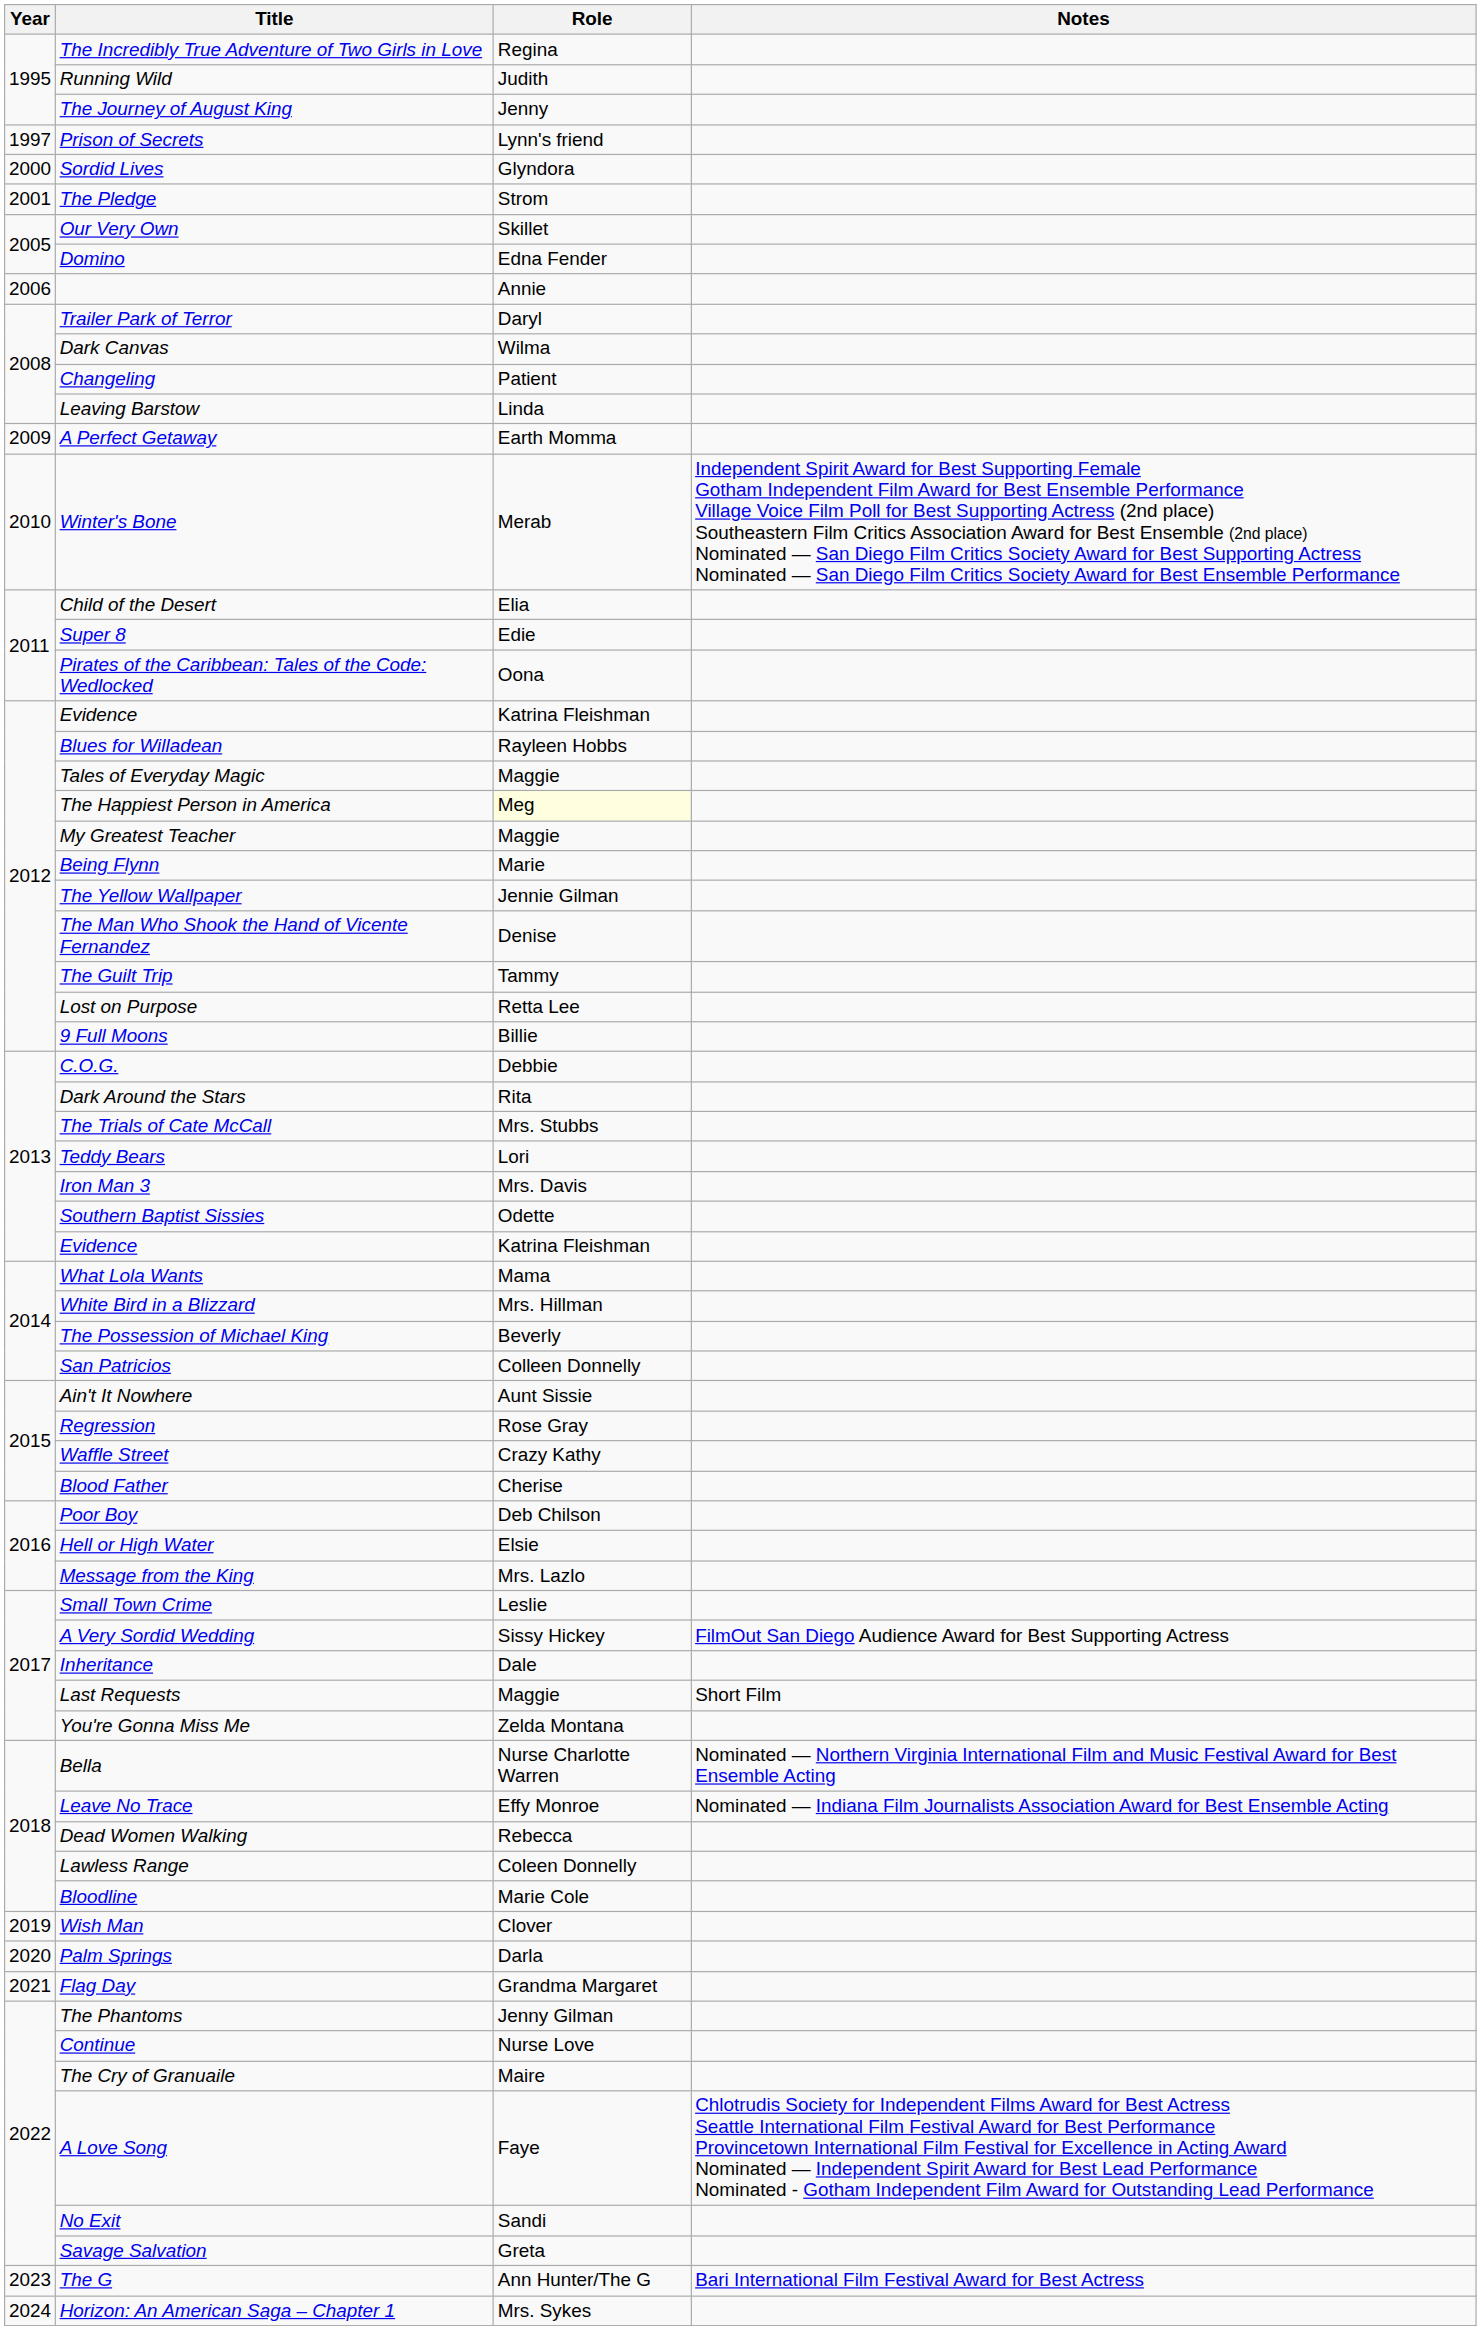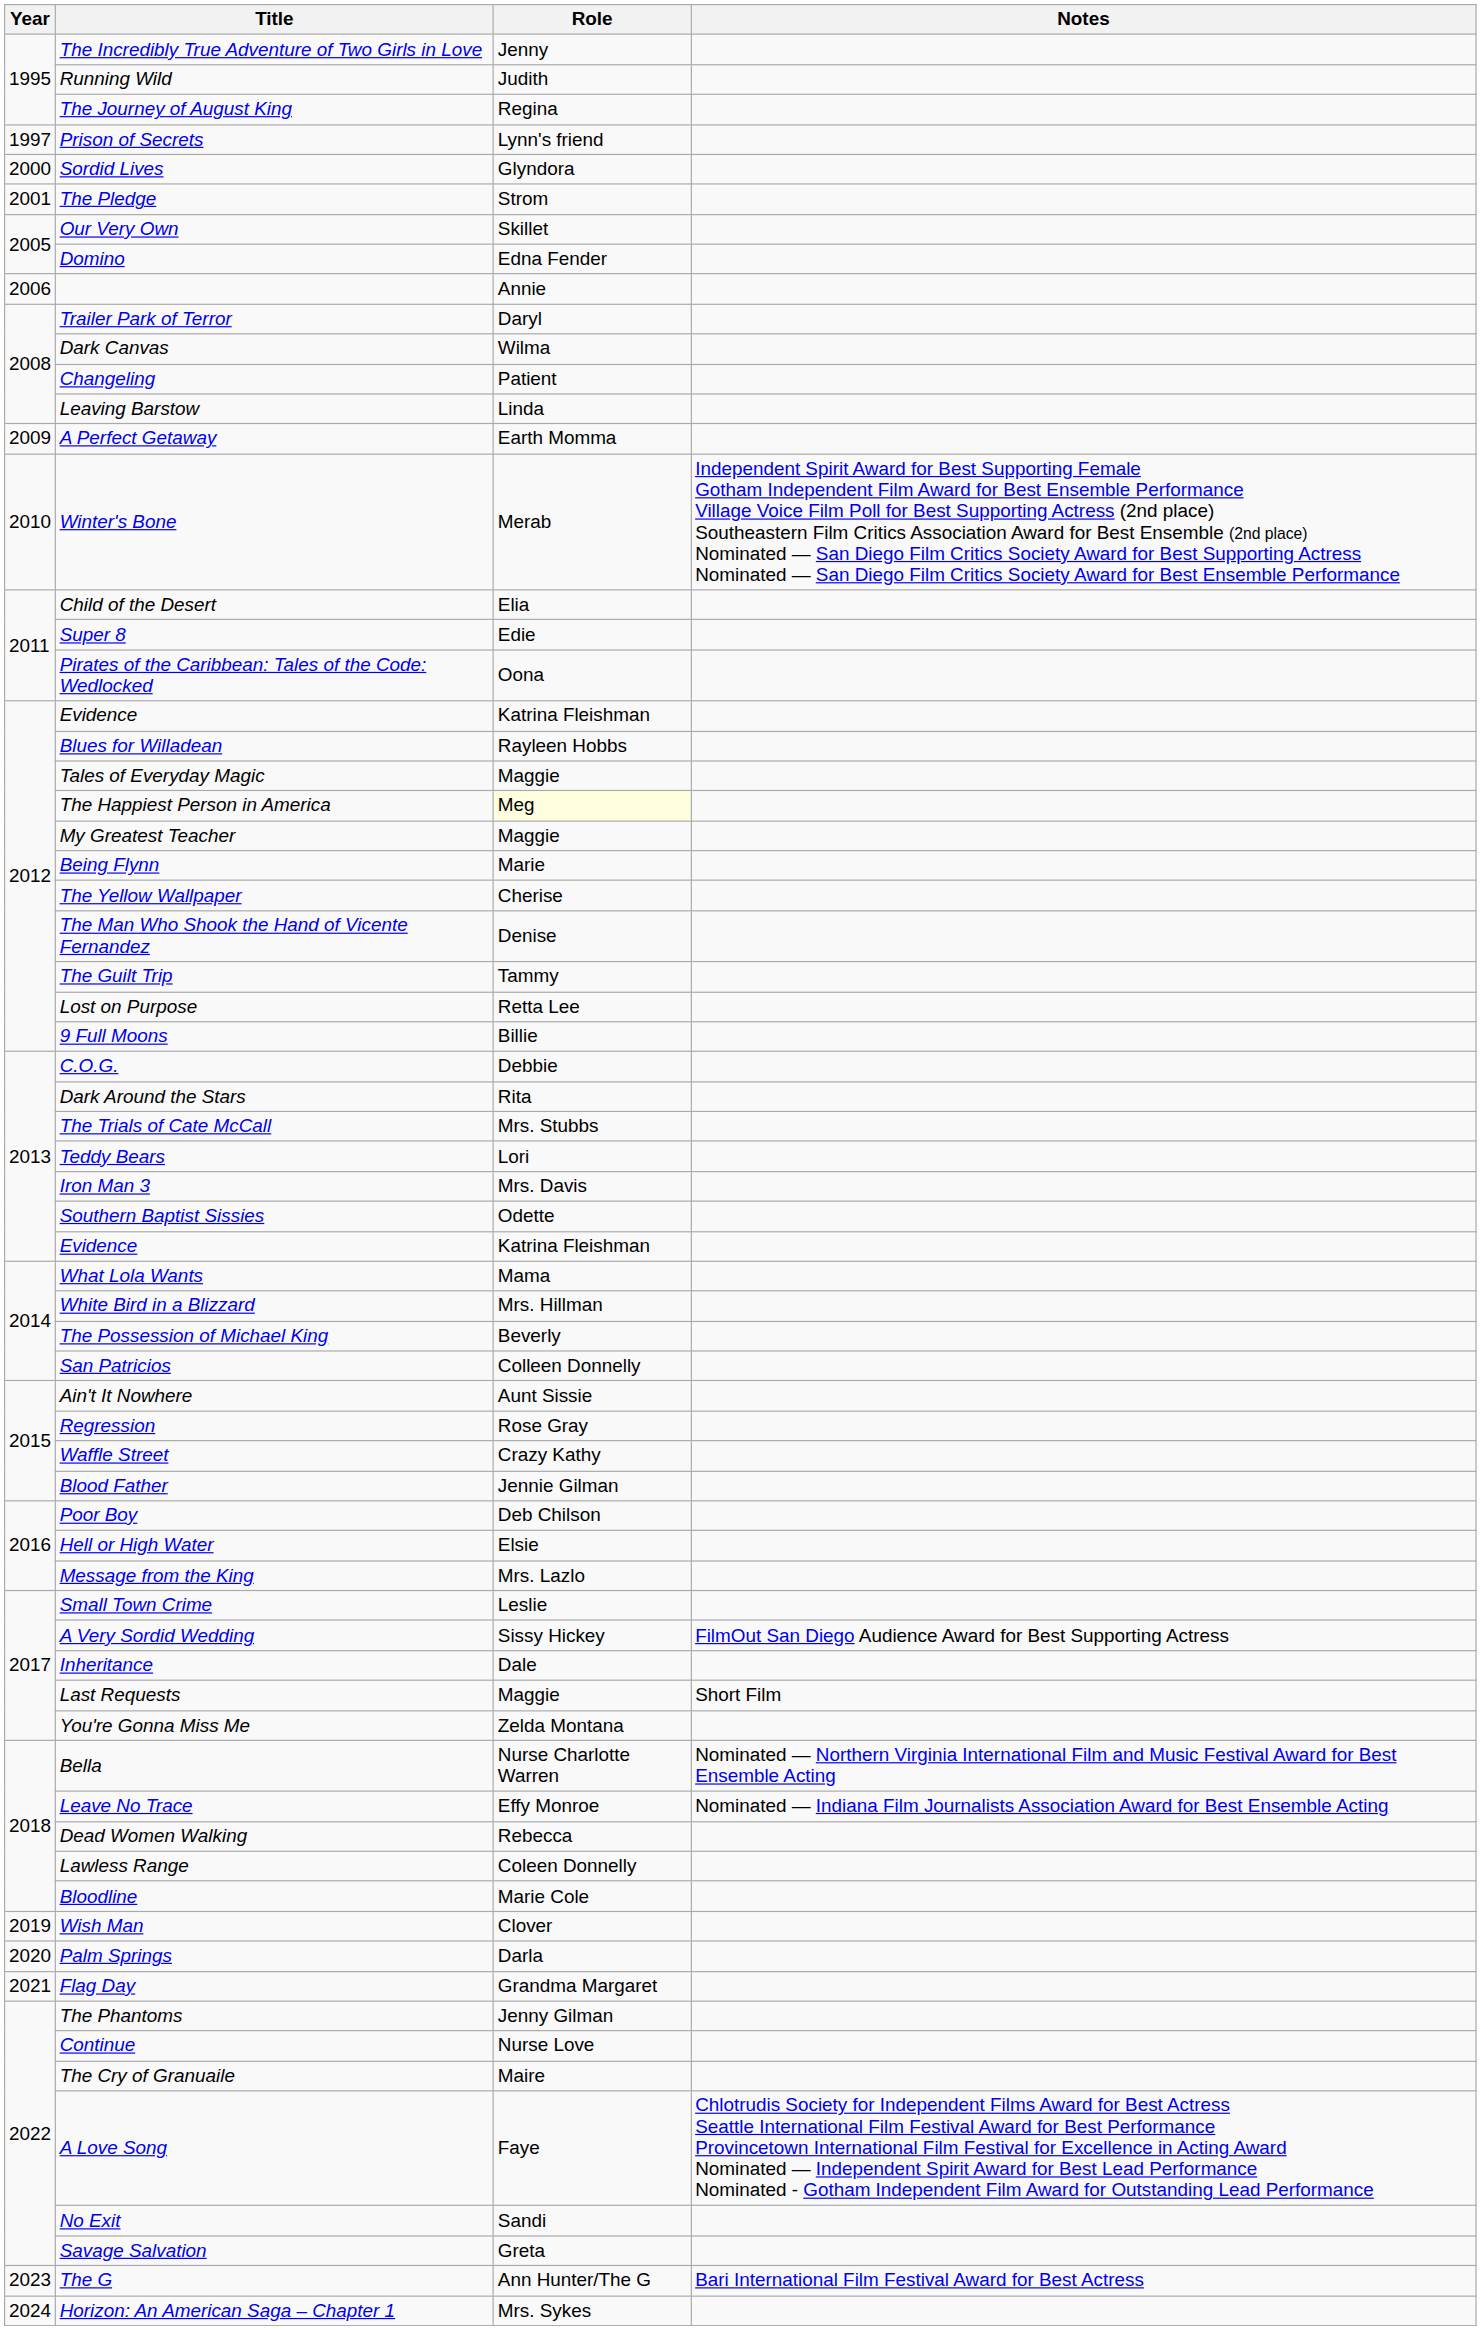 <table class="wikitable sortable plainrowheaders">
 <tr>
 <th scope="col">Year</th>
 <th scope="col">Title</th>
 <th scope="col">Role</th>
 <th scope="col" class="unsortable">Notes</th>
 </tr>
 <tr>
 <td rowspan="3">1995</td>
 <td><em><a href='#'>The Incredibly True Adventure of Two Girls in Love</a></em></td>
-<td>Regina</td>
+<td>Jenny</td>
 <td></td>
 </tr>
 <tr>
 <td><em>Running Wild</em></td>
 <td>Judith</td>
 <td></td>
 </tr>
 <tr>
 <td><em><a href='#'>The Journey of August King</a></em></td>
-<td>Jenny</td>
+<td>Regina</td>
 <td></td>
 </tr>
 <tr>
 <td>1997</td>
 <td><em><a href='#'>Prison of Secrets</a></em></td>
 <td>Lynn's friend</td>
 <td></td>
 </tr>
 <tr>
 <td>2000</td>
 <td><em><a href='#'>Sordid Lives</a></em></td>
 <td>Glyndora</td>
 <td></td>
 </tr>
 <tr>
 <td>2001</td>
 <td><em><a href='#'>The Pledge</a></em></td>
 <td>Strom</td>
 <td></td>
 </tr>
 <tr>
 <td rowspan="2">2005</td>
 <td><em><a href='#'>Our Very Own</a></em></td>
 <td>Skillet</td>
 <td></td>
 </tr>
 <tr>
 <td><em><a href='#'>Domino</a></em></td>
 <td>Edna Fender</td>
 <td></td>
 </tr>
 <tr>
 <td>2006</td>
 <td><em></em></td>
 <td>Annie</td>
 <td></td>
 </tr>
 <tr>
 <td rowspan="4">2008</td>
 <td><em><a href='#'>Trailer Park of Terror</a></em></td>
 <td>Daryl</td>
 <td></td>
 </tr>
 <tr>
 <td><em>Dark Canvas</em></td>
 <td>Wilma</td>
 <td></td>
 </tr>
 <tr>
 <td><em><a href='#'>Changeling</a></em></td>
 <td>Patient</td>
 <td></td>
 </tr>
 <tr>
 <td><em>Leaving Barstow</em></td>
 <td>Linda</td>
 <td></td>
 </tr>
 <tr>
 <td>2009</td>
 <td><em><a href='#'>A Perfect Getaway</a></em></td>
 <td>Earth Momma</td>
 <td></td>
 </tr>
 <tr>
 <td>2010</td>
 <td><em><a href='#'>Winter's Bone</a></em></td>
 <td>Merab</td>
 <td><a href='#'>Independent Spirit Award for Best Supporting Female</a><br><a href='#'>Gotham Independent Film Award for Best Ensemble Performance</a><br><a href='#'>Village Voice Film Poll for Best Supporting Actress</a> (2nd place)<br>Southeastern Film Critics Association Award for Best Ensemble <small>(2nd place)</small><br>Nominated — <a href='#'>San Diego Film Critics Society Award for Best Supporting Actress</a><br>Nominated — <a href='#'>San Diego Film Critics Society Award for Best Ensemble Performance</a></td>
 </tr>
 <tr>
 <td rowspan="3">2011</td>
 <td><em>Child of the Desert</em></td>
 <td>Elia</td>
 <td></td>
 </tr>
 <tr>
 <td><em><a href='#'>Super 8</a></em></td>
 <td>Edie</td>
 <td></td>
 </tr>
 <tr>
 <td><em><a href='#'>Pirates of the Caribbean: Tales of the Code: Wedlocked</a></em></td>
 <td>Oona</td>
 <td></td>
 </tr>
 <tr>
 <td rowspan="11">2012</td>
 <td><em>Evidence</em></td>
 <td>Katrina Fleishman</td>
 <td></td>
 </tr>
 <tr>
 <td><em><a href='#'>Blues for Willadean</a></em></td>
 <td>Rayleen Hobbs</td>
 <td></td>
 </tr>
 <tr>
 <td><em>Tales of Everyday Magic</em></td>
 <td>Maggie</td>
 <td></td>
 </tr>
 <tr>
 <td><em>The Happiest Person in America</em></td>
 <td style="background: lightyellow;">Meg</td>
 <td></td>
 </tr>
 <tr>
 <td><em>My Greatest Teacher</em></td>
 <td>Maggie</td>
 <td></td>
 </tr>
 <tr>
 <td><em><a href='#'>Being Flynn</a></em></td>
 <td>Marie</td>
 <td></td>
 </tr>
 <tr>
 <td><em><a href='#'>The Yellow Wallpaper</a></em></td>
-<td>Jennie Gilman</td>
+<td>Cherise</td>
 <td></td>
 </tr>
 <tr>
 <td><em><a href='#'>The Man Who Shook the Hand of Vicente Fernandez</a></em></td>
 <td>Denise</td>
 <td></td>
 </tr>
 <tr>
 <td><em><a href='#'>The Guilt Trip</a></em></td>
 <td>Tammy</td>
 <td></td>
 </tr>
 <tr>
 <td><em>Lost on Purpose</em></td>
 <td>Retta Lee</td>
 <td></td>
 </tr>
 <tr>
 <td><em><a href='#'>9 Full Moons</a></em></td>
 <td>Billie</td>
 <td></td>
 </tr>
 <tr>
 <td rowspan="7">2013</td>
 <td><em><a href='#'>C.O.G.</a></em></td>
 <td>Debbie</td>
 <td></td>
 </tr>
 <tr>
 <td><em>Dark Around the Stars</em></td>
 <td>Rita</td>
 <td></td>
 </tr>
 <tr>
 <td><em><a href='#'>The Trials of Cate McCall</a></em></td>
 <td>Mrs. Stubbs</td>
 <td></td>
 </tr>
 <tr>
 <td><em><a href='#'>Teddy Bears</a></em></td>
 <td>Lori</td>
 <td></td>
 </tr>
 <tr>
 <td><em><a href='#'>Iron Man 3</a></em></td>
 <td>Mrs. Davis</td>
 <td></td>
 </tr>
 <tr>
 <td><em><a href='#'>Southern Baptist Sissies</a></em></td>
 <td>Odette</td>
 <td></td>
 </tr>
 <tr>
 <td><em><a href='#'>Evidence</a></em></td>
 <td>Katrina Fleishman</td>
 <td></td>
 </tr>
 <tr>
 <td rowspan="4">2014</td>
 <td><em><a href='#'>What Lola Wants</a></em></td>
 <td>Mama</td>
 <td></td>
 </tr>
 <tr>
 <td><em><a href='#'>White Bird in a Blizzard</a></em></td>
 <td>Mrs. Hillman</td>
 <td></td>
 </tr>
 <tr>
 <td><em><a href='#'>The Possession of Michael King</a></em></td>
 <td>Beverly</td>
 <td></td>
 </tr>
 <tr>
 <td><em><a href='#'>San Patricios</a></em></td>
 <td>Colleen Donnelly</td>
 <td></td>
 </tr>
 <tr>
 <td rowspan="4">2015</td>
 <td><em>Ain't It Nowhere</em></td>
 <td>Aunt Sissie</td>
 <td></td>
 </tr>
 <tr>
 <td><em><a href='#'>Regression</a></em></td>
 <td>Rose Gray</td>
 <td></td>
 </tr>
 <tr>
 <td><em><a href='#'>Waffle Street</a></em></td>
 <td>Crazy Kathy</td>
 <td></td>
 </tr>
 <tr>
 <td><em><a href='#'>Blood Father</a></em></td>
-<td>Cherise</td>
+<td>Jennie Gilman</td>
 <td></td>
 </tr>
 <tr>
 <td rowspan="3">2016</td>
 <td><em><a href='#'>Poor Boy</a></em></td>
 <td>Deb Chilson</td>
 <td></td>
 </tr>
 <tr>
 <td><em><a href='#'>Hell or High Water</a></em></td>
 <td>Elsie</td>
 <td></td>
 </tr>
 <tr>
 <td><em><a href='#'>Message from the King</a></em></td>
 <td>Mrs. Lazlo</td>
 <td></td>
 </tr>
 <tr>
 <td rowspan="5">2017</td>
 <td><em><a href='#'>Small Town Crime</a></em></td>
 <td>Leslie</td>
 <td></td>
 </tr>
 <tr>
 <td><em><a href='#'>A Very Sordid Wedding</a></em></td>
 <td>Sissy Hickey</td>
 <td><a href='#'>FilmOut San Diego</a> Audience Award for Best Supporting Actress</td>
 </tr>
 <tr>
 <td><em><a href='#'>Inheritance</a></em></td>
 <td>Dale</td>
 <td></td>
 </tr>
 <tr>
 <td><em>Last Requests</em></td>
 <td>Maggie</td>
 <td>Short Film</td>
 </tr>
 <tr>
 <td><em>You're Gonna Miss Me</em></td>
 <td>Zelda Montana</td>
 <td></td>
 </tr>
 <tr>
 <td rowspan="5">2018</td>
 <td><em>Bella</em></td>
 <td>Nurse Charlotte Warren</td>
 <td>Nominated — <a href='#'>Northern Virginia International Film and Music Festival Award for Best Ensemble Acting</a></td>
 </tr>
 <tr>
 <td><em><a href='#'>Leave No Trace</a></em></td>
 <td>Effy Monroe</td>
 <td>Nominated — <a href='#'>Indiana Film Journalists Association Award for Best Ensemble Acting</a></td>
 </tr>
 <tr>
 <td><em>Dead Women Walking</em></td>
 <td>Rebecca</td>
 <td></td>
 </tr>
 <tr>
 <td><em>Lawless Range</em></td>
 <td>Coleen Donnelly</td>
 <td></td>
 </tr>
 <tr>
 <td><em><a href='#'>Bloodline</a></em></td>
 <td>Marie Cole</td>
 <td></td>
 </tr>
 <tr>
 <td>2019</td>
 <td><em><a href='#'>Wish Man</a></em></td>
 <td>Clover</td>
 <td></td>
 </tr>
 <tr>
 <td>2020</td>
 <td><em><a href='#'>Palm Springs</a></em></td>
 <td>Darla</td>
 <td></td>
 </tr>
 <tr>
 <td>2021</td>
 <td><em><a href='#'>Flag Day</a></em></td>
 <td>Grandma Margaret</td>
 <td></td>
 </tr>
 <tr>
 <td rowspan="6">2022</td>
 <td><em>The Phantoms</em></td>
 <td>Jenny Gilman</td>
 <td></td>
 </tr>
 <tr>
 <td><em><a href='#'>Continue</a></em></td>
 <td>Nurse Love</td>
 <td></td>
 </tr>
 <tr>
 <td><em>The Cry of Granuaile</em></td>
 <td>Maire</td>
 <td></td>
 </tr>
 <tr>
 <td><em><a href='#'>A Love Song</a></em></td>
 <td>Faye</td>
 <td><a href='#'>Chlotrudis Society for Independent Films Award for Best Actress</a><br><a href='#'>Seattle International Film Festival Award for Best Performance</a><br><a href='#'>Provincetown International Film Festival for Excellence in Acting Award</a><br>Nominated — <a href='#'>Independent Spirit Award for Best Lead Performance</a><br>Nominated - <a href='#'>Gotham Independent Film Award for Outstanding Lead Performance</a></td>
 </tr>
 <tr>
 <td><em><a href='#'>No Exit</a></em></td>
 <td>Sandi</td>
 <td></td>
 </tr>
 <tr>
 <td><em><a href='#'>Savage Salvation</a></em></td>
 <td>Greta</td>
 <td></td>
 </tr>
 <tr>
 <td>2023</td>
 <td><em><a href='#'>The G</a></em></td>
 <td>Ann Hunter/The G</td>
 <td><a href='#'>Bari International Film Festival Award for Best Actress</a></td>
 </tr>
 <tr>
 <td>2024</td>
 <td><em><a href='#'>Horizon: An American Saga – Chapter 1</a></em></td>
 <td>Mrs. Sykes</td>
 <td></td>
 </tr>
 </table>
